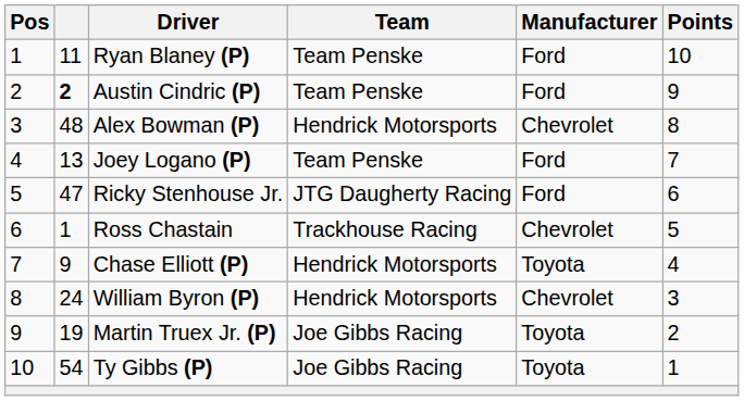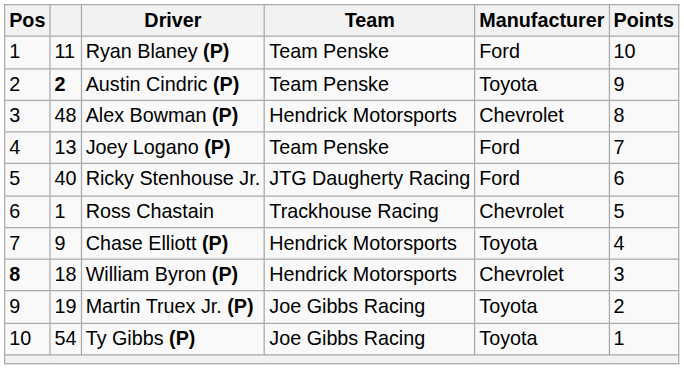 <table class="wikitable" style="font-size:98%">
 <tr>
 <th>Pos</th>
 <th></th>
 <th>Driver</th>
 <th>Team</th>
 <th>Manufacturer</th>
 <th>Points</th>
 </tr>
 <tr>
 <td>1</td>
 <td>11</td>
 <td>Ryan Blaney <strong>(P)</strong></td>
 <td>Team Penske</td>
 <td>Ford</td>
 <td>10</td>
 </tr>
 <tr>
 <td>2</td>
 <td><strong>2</strong></td>
 <td>Austin Cindric <strong>(P)</strong></td>
 <td>Team Penske</td>
-<td>Ford</td>
+<td>Toyota</td>
 <td>9</td>
 </tr>
 <tr>
 <td>3</td>
 <td>48</td>
 <td>Alex Bowman <strong>(P)</strong></td>
 <td>Hendrick Motorsports</td>
 <td>Chevrolet</td>
 <td>8</td>
 </tr>
 <tr>
 <td>4</td>
 <td>13</td>
 <td>Joey Logano <strong>(P)</strong></td>
 <td>Team Penske</td>
 <td>Ford</td>
 <td>7</td>
 </tr>
 <tr>
 <td>5</td>
-<td>47</td>
+<td>40</td>
 <td>Ricky Stenhouse Jr.</td>
 <td>JTG Daugherty Racing</td>
 <td>Ford</td>
 <td>6</td>
 </tr>
 <tr>
 <td>6</td>
 <td>1</td>
 <td>Ross Chastain</td>
 <td>Trackhouse Racing</td>
 <td>Chevrolet</td>
 <td>5</td>
 </tr>
 <tr>
 <td>7</td>
 <td>9</td>
 <td>Chase Elliott <strong>(P)</strong></td>
 <td>Hendrick Motorsports</td>
 <td>Toyota</td>
 <td>4</td>
 </tr>
 <tr>
-<td>8</td>
-<td>24</td>
+<td><strong>8</strong></td>
+<td>18</td>
 <td>William Byron <strong>(P)</strong></td>
 <td>Hendrick Motorsports</td>
 <td>Chevrolet</td>
 <td>3</td>
 </tr>
 <tr>
 <td>9</td>
 <td>19</td>
 <td>Martin Truex Jr. <strong>(P)</strong></td>
 <td>Joe Gibbs Racing</td>
 <td>Toyota</td>
 <td>2</td>
 </tr>
 <tr>
 <td>10</td>
 <td>54</td>
 <td>Ty Gibbs <strong>(P)</strong></td>
 <td>Joe Gibbs Racing</td>
 <td>Toyota</td>
 <td>1</td>
 </tr>
 <tr>
 <th colspan="6"></th>
 </tr>
 </table>
